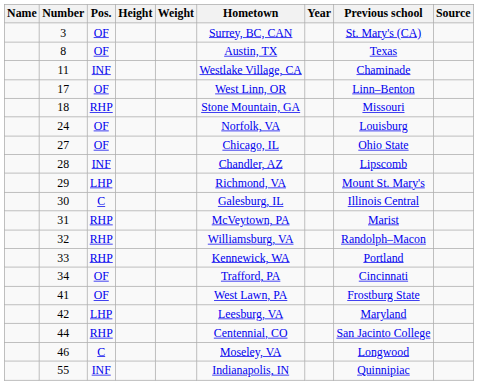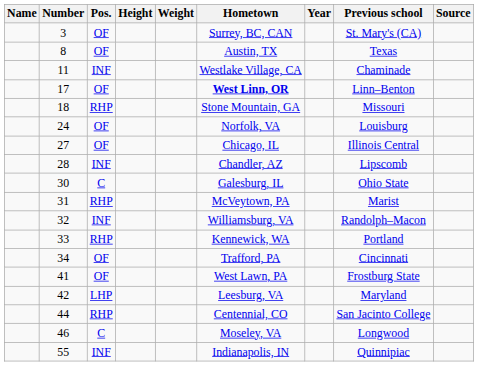 <table class="wikitable sortable sortable" style="text-align: center">
 <tr align=center>
 <th>Name</th>
 <th>Number</th>
 <th>Pos.</th>
 <th>Height</th>
 <th>Weight</th>
 <th>Hometown</th>
 <th>Year</th>
 <th>Previous school</th>
 <th>Source</th>
 </tr>
 <tr>
 <td></td>
 <td>3</td>
 <td><a href='#'>OF</a></td>
 <td></td>
 <td></td>
 <td><a href='#'>Surrey, BC, CAN</a></td>
 <td></td>
 <td><a href='#'>St. Mary's (CA)</a></td>
 <td></td>
 </tr>
 <tr>
 <td></td>
 <td>8</td>
 <td><a href='#'>OF</a></td>
 <td></td>
 <td></td>
 <td><a href='#'>Austin, TX</a></td>
 <td></td>
 <td><a href='#'>Texas</a></td>
 <td></td>
 </tr>
 <tr>
 <td></td>
 <td>11</td>
 <td><a href='#'>INF</a></td>
 <td></td>
 <td></td>
 <td><a href='#'>Westlake Village, CA</a></td>
 <td></td>
 <td><a href='#'>Chaminade</a></td>
 <td></td>
 </tr>
 <tr>
 <td></td>
 <td>17</td>
 <td><a href='#'>OF</a></td>
 <td></td>
 <td></td>
-<td><a href='#'>West Linn, OR</a></td>
+<td><strong><a href='#'>West Linn, OR</a></strong></td>
 <td></td>
 <td><a href='#'>Linn–Benton</a></td>
 <td></td>
 </tr>
 <tr>
 <td></td>
 <td>18</td>
 <td><a href='#'>RHP</a></td>
 <td></td>
 <td></td>
 <td><a href='#'>Stone Mountain, GA</a></td>
 <td></td>
 <td><a href='#'>Missouri</a></td>
 <td></td>
 </tr>
 <tr>
 <td></td>
 <td>24</td>
 <td><a href='#'>OF</a></td>
 <td></td>
 <td></td>
 <td><a href='#'>Norfolk, VA</a></td>
 <td></td>
 <td><a href='#'>Louisburg</a></td>
 <td></td>
 </tr>
 <tr>
 <td></td>
 <td>27</td>
 <td><a href='#'>OF</a></td>
 <td></td>
 <td></td>
 <td><a href='#'>Chicago, IL</a></td>
 <td></td>
-<td><a href='#'>Ohio State</a></td>
+<td><a href='#'>Illinois Central</a></td>
 <td></td>
 </tr>
 <tr>
 <td></td>
 <td>28</td>
 <td><a href='#'>INF</a></td>
 <td></td>
 <td></td>
 <td><a href='#'>Chandler, AZ</a></td>
 <td></td>
 <td><a href='#'>Lipscomb</a></td>
 <td></td>
 </tr>
 <tr>
 <td></td>
-<td>29</td>
-<td><a href='#'>LHP</a></td>
-<td></td>
-<td></td>
-<td><a href='#'>Richmond, VA</a></td>
-<td></td>
-<td><a href='#'>Mount St. Mary's</a></td>
-<td></td>
-</tr>
-<tr>
-<td></td>
 <td>30</td>
 <td><a href='#'>C</a></td>
 <td></td>
 <td></td>
 <td><a href='#'>Galesburg, IL</a></td>
 <td></td>
-<td><a href='#'>Illinois Central</a></td>
+<td><a href='#'>Ohio State</a></td>
 <td></td>
 </tr>
 <tr>
 <td></td>
 <td>31</td>
 <td><a href='#'>RHP</a></td>
 <td></td>
 <td></td>
 <td><a href='#'>McVeytown, PA</a></td>
 <td></td>
 <td><a href='#'>Marist</a></td>
 <td></td>
 </tr>
 <tr>
 <td></td>
 <td>32</td>
-<td><a href='#'>RHP</a></td>
+<td><a href='#'>INF</a></td>
 <td></td>
 <td></td>
 <td><a href='#'>Williamsburg, VA</a></td>
 <td></td>
 <td><a href='#'>Randolph–Macon</a></td>
 <td></td>
 </tr>
 <tr>
 <td></td>
 <td>33</td>
 <td><a href='#'>RHP</a></td>
 <td></td>
 <td></td>
 <td><a href='#'>Kennewick, WA</a></td>
 <td></td>
 <td><a href='#'>Portland</a></td>
 <td></td>
 </tr>
 <tr>
 <td></td>
 <td>34</td>
 <td><a href='#'>OF</a></td>
 <td></td>
 <td></td>
 <td><a href='#'>Trafford, PA</a></td>
 <td></td>
 <td><a href='#'>Cincinnati</a></td>
 <td></td>
 </tr>
 <tr>
 <td></td>
 <td>41</td>
 <td><a href='#'>OF</a></td>
 <td></td>
 <td></td>
 <td><a href='#'>West Lawn, PA</a></td>
 <td></td>
 <td><a href='#'>Frostburg State</a></td>
 <td></td>
 </tr>
 <tr>
 <td></td>
 <td>42</td>
 <td><a href='#'>LHP</a></td>
 <td></td>
 <td></td>
 <td><a href='#'>Leesburg, VA</a></td>
 <td></td>
 <td><a href='#'>Maryland</a></td>
 <td></td>
 </tr>
 <tr>
 <td></td>
 <td>44</td>
 <td><a href='#'>RHP</a></td>
 <td></td>
 <td></td>
 <td><a href='#'>Centennial, CO</a></td>
 <td></td>
 <td><a href='#'>San Jacinto College</a></td>
 <td></td>
 </tr>
 <tr>
 <td></td>
 <td>46</td>
 <td><a href='#'>C</a></td>
 <td></td>
 <td></td>
 <td><a href='#'>Moseley, VA</a></td>
 <td></td>
 <td><a href='#'>Longwood</a></td>
 <td></td>
 </tr>
 <tr>
 <td></td>
 <td>55</td>
 <td><a href='#'>INF</a></td>
 <td></td>
 <td></td>
 <td><a href='#'>Indianapolis, IN</a></td>
 <td></td>
 <td><a href='#'>Quinnipiac</a></td>
 <td></td>
 </tr>
 </table>
